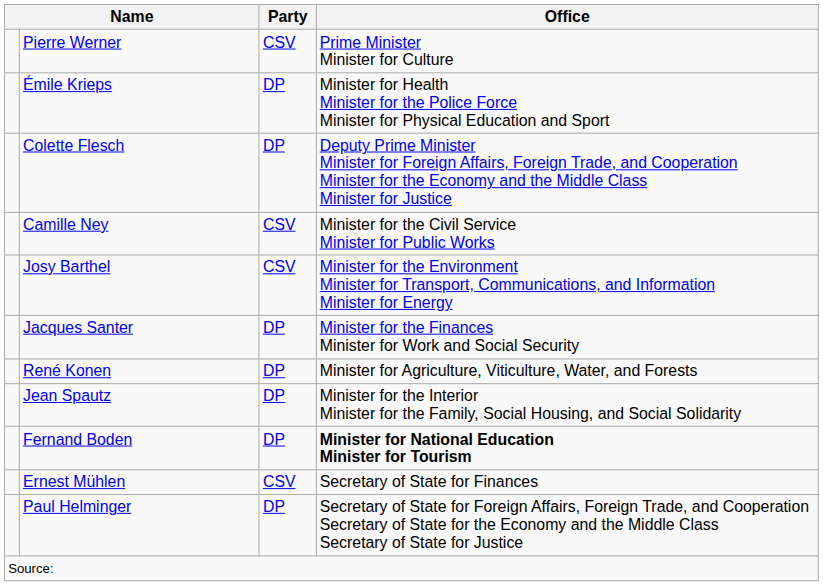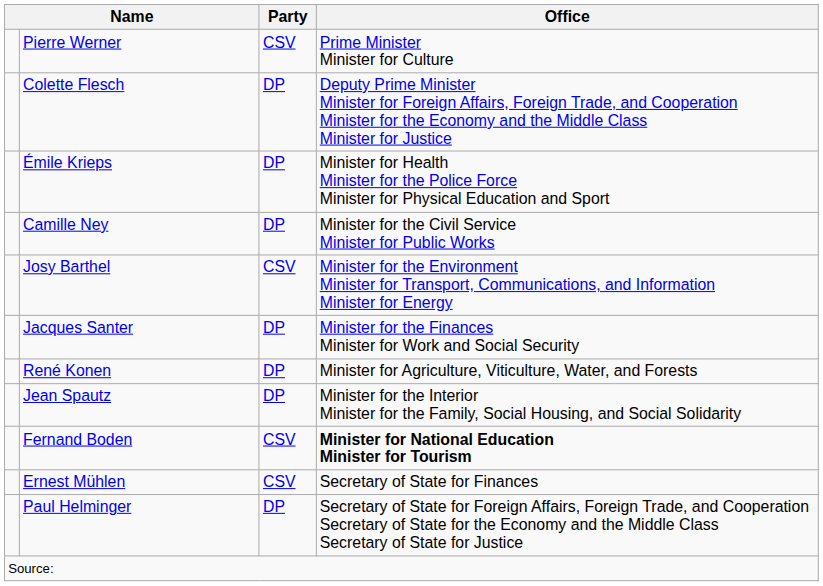 <table class="wikitable">
 <tr>
 <th colspan=2 width=250px>Name</th>
 <th width=50px>Party</th>
 <th width=500px>Office</th>
 </tr>
 <tr>
 <td style="background-color: "></td>
 <td valign=top><a href='#'>Pierre Werner</a></td>
 <td valign=top><a href='#'>CSV</a></td>
 <td><a href='#'>Prime Minister</a> <br> Minister for Culture</td>
 </tr>
 <tr>
 <td style="background-color: "></td>
+<td valign=top><a href='#'>Colette Flesch</a></td>
+<td valign=top><a href='#'>DP</a></td>
+<td><a href='#'>Deputy Prime Minister</a> <br> <a href='#'>Minister for Foreign Affairs, Foreign Trade, and Cooperation</a> <br> <a href='#'>Minister for the Economy and the Middle Class</a> <br> <a href='#'>Minister for Justice</a></td>
+</tr>
+<tr>
+<td style="background-color: "></td>
 <td valign=top><a href='#'>Émile Krieps</a></td>
 <td valign=top><a href='#'>DP</a></td>
 <td>Minister for Health <br> <a href='#'>Minister for the Police Force</a> <br> Minister for Physical Education and Sport</td>
 </tr>
 <tr>
 <td style="background-color: "></td>
-<td valign=top><a href='#'>Colette Flesch</a></td>
+<td valign=top><a href='#'>Camille Ney</a></td>
 <td valign=top><a href='#'>DP</a></td>
-<td><a href='#'>Deputy Prime Minister</a> <br> <a href='#'>Minister for Foreign Affairs, Foreign Trade, and Cooperation</a> <br> <a href='#'>Minister for the Economy and the Middle Class</a> <br> <a href='#'>Minister for Justice</a></td>
-</tr>
-<tr>
-<td style="background-color: "></td>
-<td valign=top><a href='#'>Camille Ney</a></td>
-<td valign=top><a href='#'>CSV</a></td>
 <td>Minister for the Civil Service <br> <a href='#'>Minister for Public Works</a></td>
 </tr>
 <tr>
 <td style="background-color: "></td>
 <td valign=top><a href='#'>Josy Barthel</a></td>
 <td valign=top><a href='#'>CSV</a></td>
 <td><a href='#'>Minister for the Environment</a> <br> <a href='#'>Minister for Transport, Communications, and Information</a> <br> <a href='#'>Minister for Energy</a></td>
 </tr>
 <tr>
 <td style="background-color: "></td>
 <td valign=top><a href='#'>Jacques Santer</a></td>
 <td valign=top><a href='#'>DP</a></td>
 <td><a href='#'>Minister for the Finances</a> <br> Minister for Work and Social Security</td>
 </tr>
 <tr>
 <td style="background-color: "></td>
 <td valign=top><a href='#'>René Konen</a></td>
 <td valign=top><a href='#'>DP</a></td>
 <td>Minister for Agriculture, Viticulture, Water, and Forests</td>
 </tr>
 <tr>
 <td style="background-color: "></td>
 <td valign=top><a href='#'>Jean Spautz</a></td>
 <td valign=top><a href='#'>DP</a></td>
 <td>Minister for the Interior <br> Minister for the Family, Social Housing, and Social Solidarity</td>
 </tr>
 <tr>
 <td style="background-color: "></td>
 <td valign=top><a href='#'>Fernand Boden</a></td>
-<td valign=top><a href='#'>DP</a></td>
+<td valign=top><a href='#'>CSV</a></td>
 <td><strong>Minister for National Education <br> Minister for Tourism</strong></td>
 </tr>
 <tr>
 <td style="background-color: "></td>
 <td valign=top><a href='#'>Ernest Mühlen</a></td>
 <td valign=top><a href='#'>CSV</a></td>
 <td>Secretary of State for Finances</td>
 </tr>
 <tr>
 <td style="background-color: "></td>
 <td valign=top><a href='#'>Paul Helminger</a></td>
 <td valign=top><a href='#'>DP</a></td>
 <td>Secretary of State for Foreign Affairs, Foreign Trade, and Cooperation <br> Secretary of State for the Economy and the Middle Class <br> Secretary of State for Justice</td>
 </tr>
 <tr>
 <td colspan=4><small>Source: </small></td>
 </tr>
 </table>
